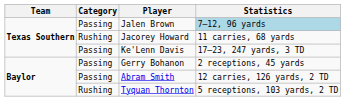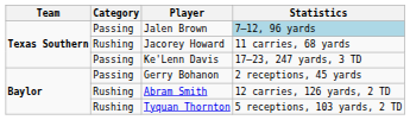 <table class="wikitable" style="float: right;">
 <tr>
 <th>Team</th>
 <th>Category</th>
 <th>Player</th>
 <th>Statistics</th>
 </tr>
 <tr>
 <td rowspan=3><strong>Texas Southern</strong></td>
 <td>Passing</td>
 <td>Jalen Brown</td>
 <td style="background: lightblue;">7–12, 96 yards</td>
 </tr>
 <tr>
 <td>Rushing</td>
 <td>Jacorey Howard</td>
 <td>11 carries, 68 yards</td>
 </tr>
 <tr>
 <td>Passing</td>
 <td>Ke'Lenn Davis</td>
 <td>17–23, 247 yards, 3 TD</td>
 </tr>
 <tr>
 <td rowspan=3><strong>Baylor</strong></td>
 <td>Passing</td>
 <td>Gerry Bohanon</td>
 <td>2 receptions, 45 yards</td>
 </tr>
 <tr>
-<td>Passing</td>
+<td>Rushing</td>
 <td><a href='#'>Abram Smith</a></td>
 <td>12 carries, 126 yards, 2 TD</td>
 </tr>
 <tr>
 <td>Rushing</td>
 <td><a href='#'>Tyquan Thornton</a></td>
 <td>5 receptions, 103 yards, 2 TD</td>
 </tr>
 </table>
